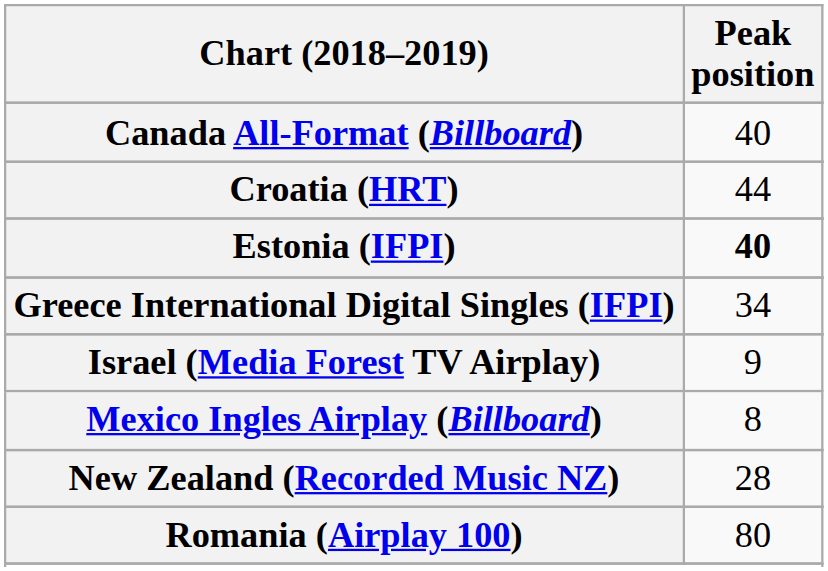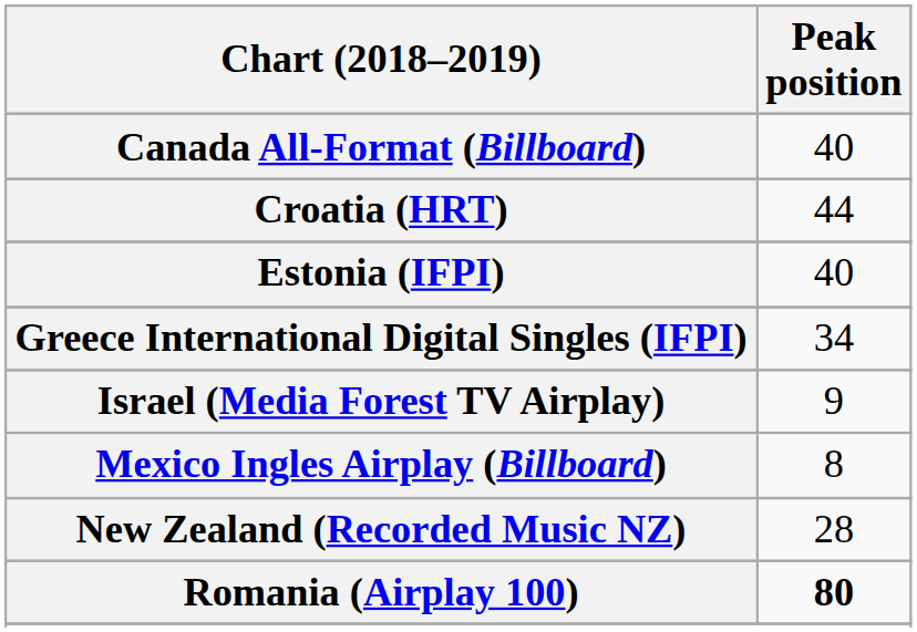 <table class="wikitable sortable plainrowheaders" style="text-align:center">
 <tr>
 <th scope="col">Chart (2018–2019)</th>
 <th scope="col">Peak<br> position</th>
 </tr>
 <tr>
 </tr>
 <tr>
 </tr>
 <tr>
 </tr>
 <tr>
 </tr>
 <tr>
 </tr>
 <tr>
 <th scope="row">Canada <a href='#'>All-Format</a> (<em><a href='#'>Billboard</a></em>)</th>
 <td>40</td>
 </tr>
 <tr>
 </tr>
 <tr>
 </tr>
 <tr>
 </tr>
 <tr>
 <th scope="row">Croatia (<a href='#'>HRT</a>)</th>
 <td>44</td>
 </tr>
 <tr>
 </tr>
 <tr>
 </tr>
 <tr>
 <th scope="row">Estonia (<a href='#'>IFPI</a>)</th>
-<td><strong>40</strong></td>
+<td>40</td>
 </tr>
 <tr>
 </tr>
 <tr>
 </tr>
 <tr>
 <th scope="row">Greece International Digital Singles (<a href='#'>IFPI</a>)</th>
 <td>34</td>
 </tr>
 <tr>
 </tr>
 <tr>
 <th scope="row">Israel (<a href='#'>Media Forest</a> TV Airplay)</th>
 <td>9</td>
 </tr>
 <tr>
 <th scope="row"><a href='#'>Mexico Ingles Airplay</a> (<em><a href='#'>Billboard</a></em>)</th>
 <td>8</td>
 </tr>
 <tr>
 </tr>
 <tr>
 <th scope="row">New Zealand (<a href='#'>Recorded Music NZ</a>)</th>
 <td>28</td>
 </tr>
 <tr>
 </tr>
 <tr>
 </tr>
 <tr>
 <th scope="row">Romania (<a href='#'>Airplay 100</a>)</th>
-<td>80</td>
+<td><strong>80</strong></td>
 </tr>
 <tr>
 </tr>
 <tr>
 </tr>
 <tr>
 </tr>
 <tr>
 </tr>
 <tr>
 </tr>
 <tr>
 </tr>
 <tr>
 </tr>
 <tr>
 </tr>
 <tr>
 </tr>
 <tr>
 </tr>
 </table>
